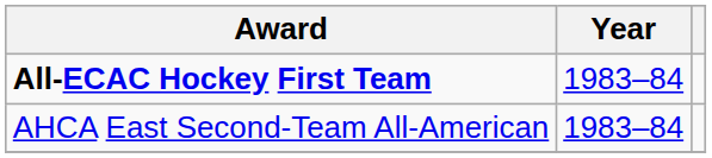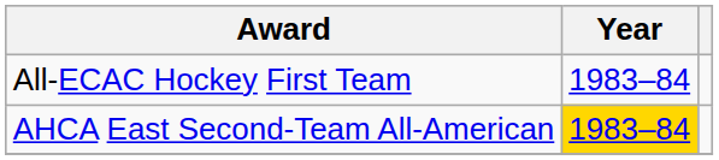 <table class="wikitable">
 <tr>
 <th>Award</th>
 <th>Year</th>
 <th></th>
 </tr>
 <tr>
-<td><strong>All-<a href='#'>ECAC Hockey</a> <a href='#'>First Team</a></strong></td>
+<td>All-<a href='#'>ECAC Hockey</a> <a href='#'>First Team</a></td>
 <td><a href='#'>1983–84</a></td>
 <td></td>
 </tr>
 <tr>
 <td><a href='#'>AHCA</a> <a href='#'>East Second-Team All-American</a></td>
-<td><a href='#'>1983–84</a></td>
+<td style="background: gold;"><a href='#'>1983–84</a></td>
 <td></td>
 </tr>
 <tr>
 </tr>
 </table>
